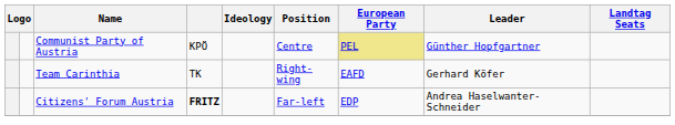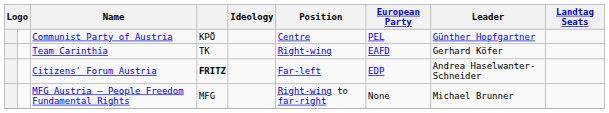 <table class="wikitable">
 <tr>
 <th colspan=2>Logo</th>
 <th>Name</th>
 <th></th>
 <th>Ideology</th>
 <th>Position</th>
 <th><a href='#'>European Party</a></th>
 <th>Leader</th>
 <th><a href='#'>Landtag Seats</a></th>
 </tr>
 <tr>
 <th style="background-color: "></th>
 <td></td>
 <td><a href='#'>Communist Party of Austria</a>     <br><small></small></td>
 <td>KPÖ</td>
 <td></td>
 <td><a href='#'>Centre</a></td>
-<td style="background: khaki;"><a href='#'>PEL</a></td>
+<td><a href='#'>PEL</a></td>
 <td><a href='#'>Günther Hopfgartner</a></td>
 <td></td>
 </tr>
 <tr>
 <th style="background-color: "></th>
 <td></td>
 <td><a href='#'>Team Carinthia</a>    <br><small></small></td>
 <td>TK</td>
 <td></td>
 <td><a href='#'>Right-wing</a></td>
 <td><a href='#'>EAFD</a></td>
 <td>Gerhard Köfer</td>
 <td></td>
 </tr>
 <tr>
 <th style="background-color: "></th>
 <td></td>
 <td><a href='#'>Citizens' Forum Austria</a>  <br><small></small></td>
 <td><strong>FRITZ</strong></td>
 <td></td>
 <td><a href='#'>Far-left</a></td>
 <td><a href='#'>EDP</a></td>
 <td>Andrea Haselwanter-Schneider</td>
 <td></td>
 </tr>
 <tr>
+<th style="background-color: "></th>
+<td style=text-align:center></td>
+<td><a href='#'>MFG Austria – People Freedom Fundamental Rights</a>    <br><small></small></td>
+<td>MFG</td>
+<td></td>
+<td><a href='#'>Right-wing</a> to <a href='#'>far-right</a></td>
+<td>None</td>
+<td>Michael Brunner</td>
+<td></td>
+</tr>
+<tr>
 </tr>
 </table>
